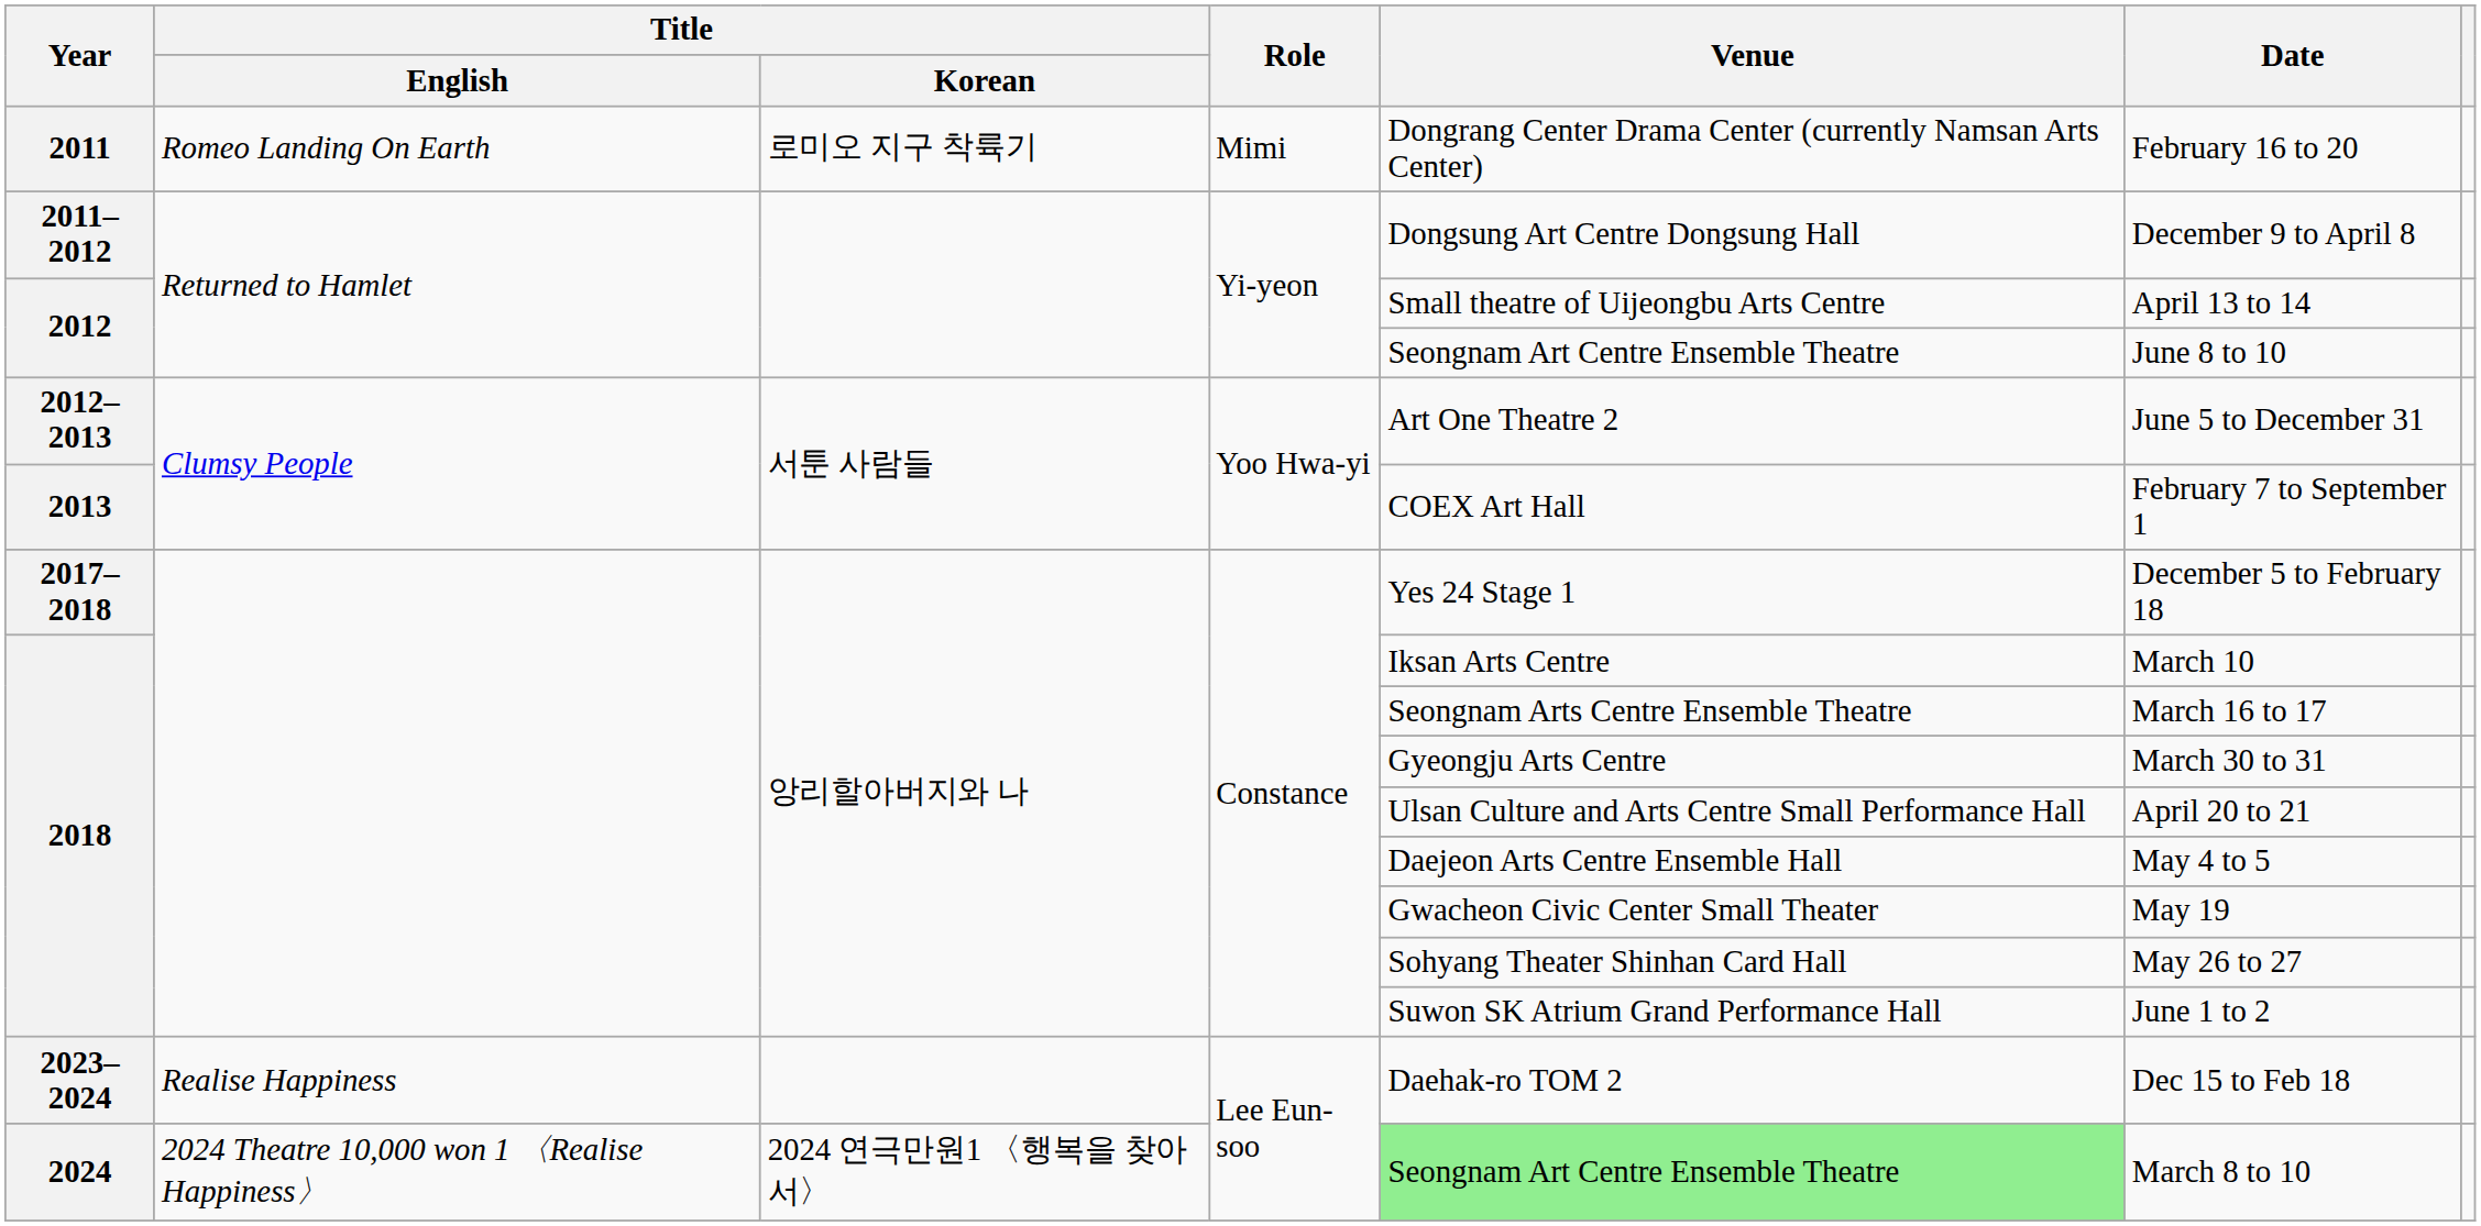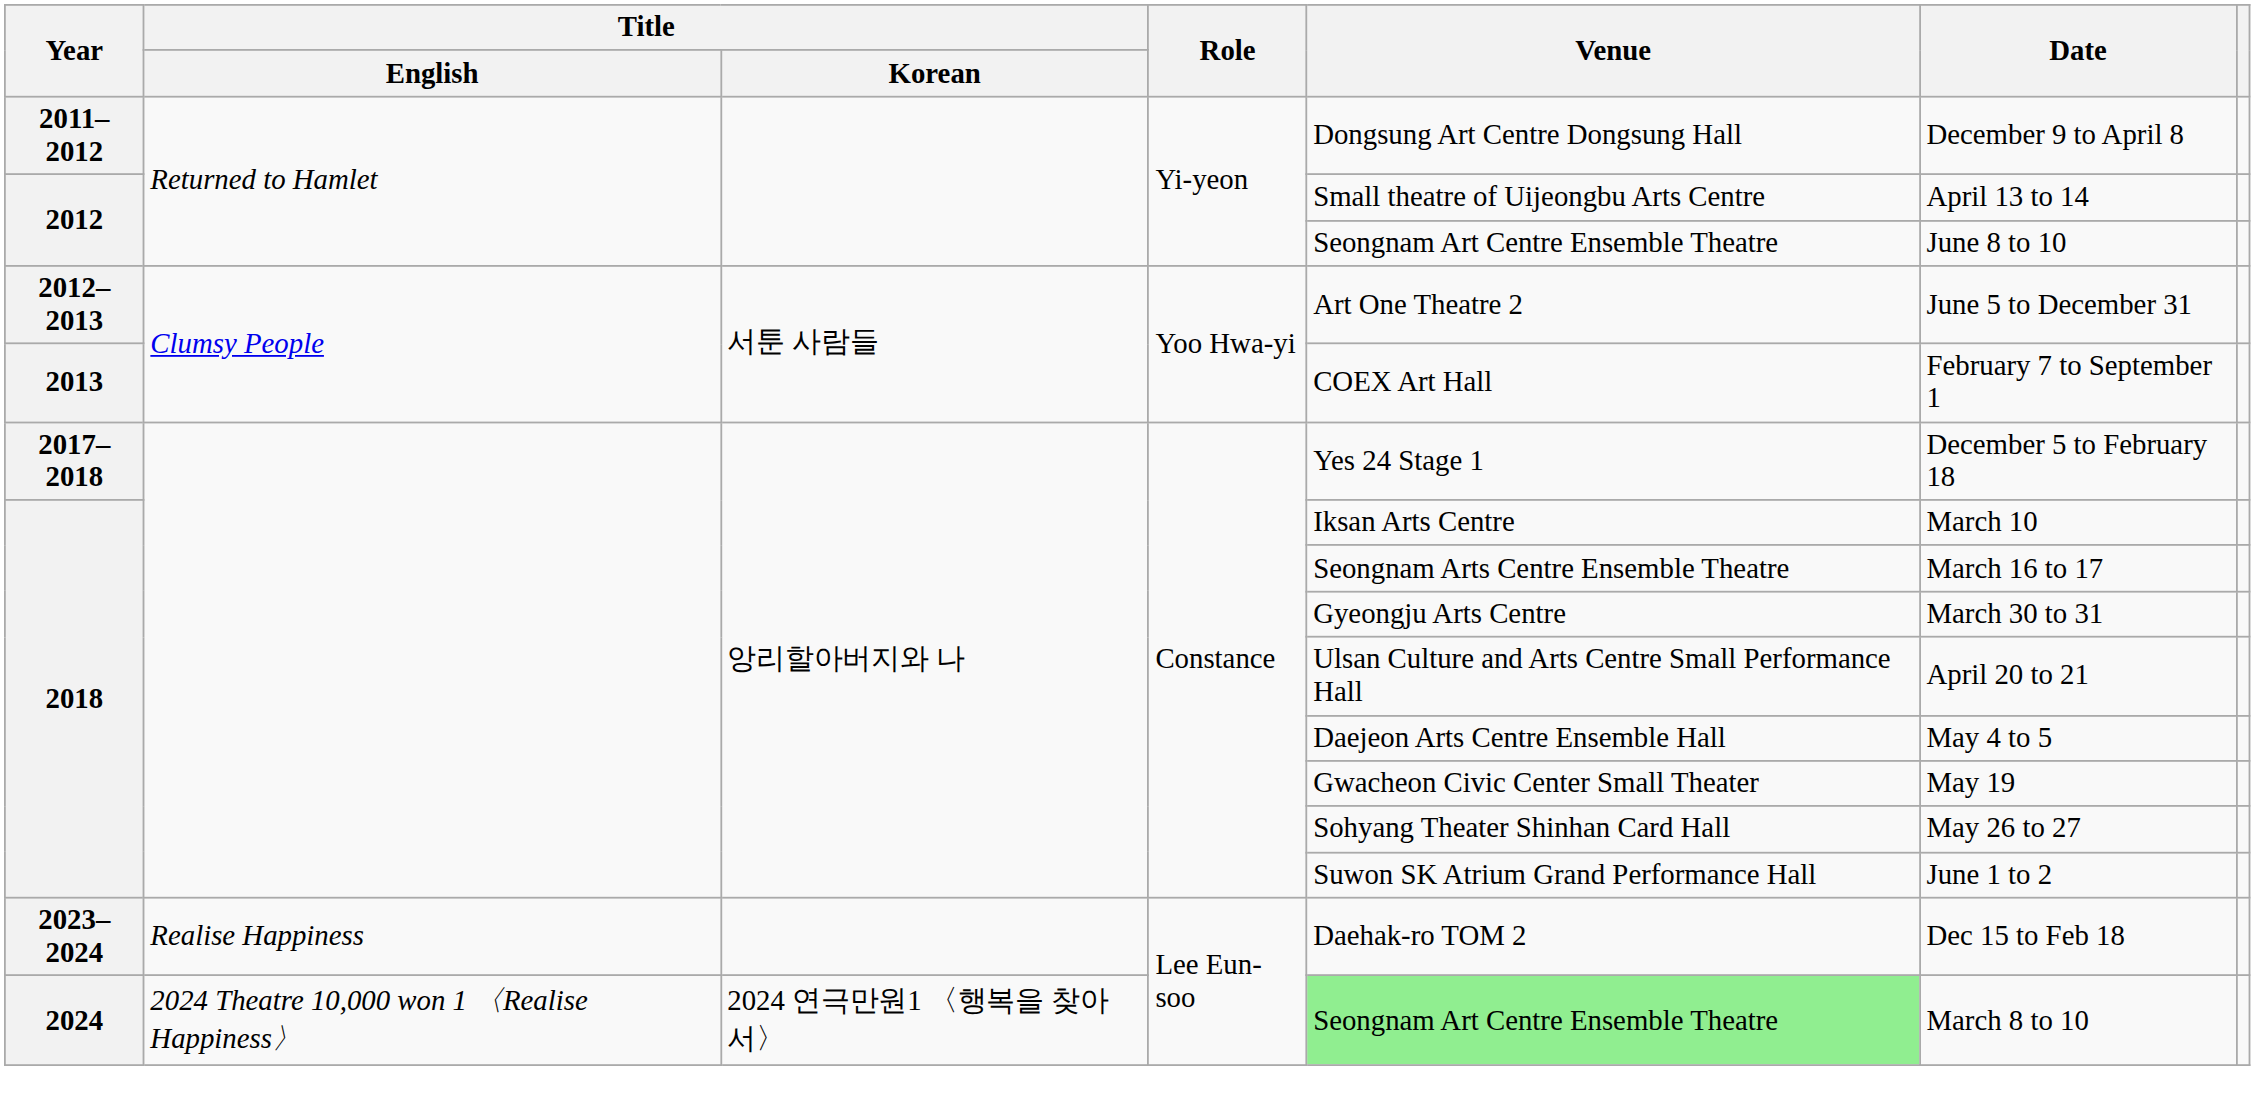 <table class="wikitable plainrowheaders sortable" style="text-align:left; font-size:100%">
 <tr>
 <th rowspan="2" scope="col">Year</th>
 <th colspan="2" scope="col">Title</th>
 <th rowspan="2" scope="col">Role</th>
 <th rowspan="2" scope="col" class="unsortable">Venue</th>
 <th rowspan="2" scope="col">Date</th>
 <th rowspan="2" scope="col" class="unsortable"></th>
 </tr>
 <tr>
 <th>English</th>
 <th>Korean</th>
-</tr>
-<tr>
-<th scope="row">2011</th>
-<td><em>Romeo Landing On Earth</em></td>
-<td>로미오 지구 착륙기</td>
-<td>Mimi</td>
-<td>Dongrang Center Drama Center (currently Namsan Arts Center)</td>
-<td>February 16 to 20</td>
-<td></td>
 </tr>
 <tr>
 <th scope="row">2011–2012</th>
 <td rowspan="3"><em>Returned to Hamlet</em></td>
 <td rowspan="3"></td>
 <td rowspan="3">Yi-yeon</td>
 <td>Dongsung Art Centre Dongsung Hall</td>
 <td>December 9 to April 8</td>
 <td style="text-align:center"></td>
 </tr>
 <tr>
 <th scope="row" rowspan="2">2012</th>
 <td>Small theatre of Uijeongbu Arts Centre</td>
 <td>April 13 to 14</td>
 <td style="text-align:center"></td>
 </tr>
 <tr>
 <td>Seongnam Art Centre Ensemble Theatre</td>
 <td>June 8 to 10</td>
 <td style="text-align:center"></td>
 </tr>
 <tr>
 <th scope="row">2012–2013</th>
 <td rowspan="2"><em><a href='#'>Clumsy People</a></em></td>
 <td rowspan="2">서툰 사람들</td>
 <td rowspan="2">Yoo Hwa-yi</td>
 <td>Art One Theatre 2</td>
 <td>June 5 to December 31</td>
 <td style="text-align:center"></td>
 </tr>
 <tr>
 <th scope="row">2013</th>
 <td>COEX Art Hall</td>
 <td>February 7 to September 1</td>
 <td></td>
 </tr>
 <tr>
 <th scope="row">2017–2018</th>
 <td rowspan="9"><em></em></td>
 <td rowspan="9">앙리할아버지와 나</td>
 <td rowspan="9">Constance</td>
 <td>Yes 24 Stage 1</td>
 <td>December 5 to February 18</td>
 <td style="text-align:center"></td>
 </tr>
 <tr>
 <th scope="row" rowspan="8">2018</th>
 <td>Iksan Arts Centre</td>
 <td>March 10</td>
 <td></td>
 </tr>
 <tr>
 <td>Seongnam Arts Centre Ensemble Theatre</td>
 <td>March 16 to 17</td>
 <td style="text-align:center"></td>
 </tr>
 <tr>
 <td>Gyeongju Arts Centre</td>
 <td>March 30 to 31</td>
 <td></td>
 </tr>
 <tr>
 <td>Ulsan Culture and Arts Centre Small Performance Hall</td>
 <td>April 20 to 21</td>
 <td style="text-align:center"></td>
 </tr>
 <tr>
 <td>Daejeon Arts Centre Ensemble Hall</td>
 <td>May 4 to 5</td>
 <td style="text-align:center"></td>
 </tr>
 <tr>
 <td>Gwacheon Civic Center Small Theater</td>
 <td>May 19</td>
 <td></td>
 </tr>
 <tr>
 <td>Sohyang Theater Shinhan Card Hall</td>
 <td>May 26 to 27</td>
 <td style="text-align:center"></td>
 </tr>
 <tr>
 <td>Suwon SK Atrium Grand Performance Hall</td>
 <td>June 1 to 2</td>
 <td style="text-align:center"></td>
 </tr>
 <tr>
 <th scope="row">2023–2024</th>
 <td><em>Realise Happiness</em></td>
 <td></td>
 <td rowspan="2">Lee Eun-soo</td>
 <td>Daehak-ro TOM 2</td>
 <td>Dec 15 to Feb 18</td>
 <td style="text-align:center"></td>
 </tr>
 <tr>
 <th scope="row">2024</th>
 <td><em>2024 Theatre 10,000 won 1 〈Realise Happiness〉</em></td>
 <td>2024 연극만원1 〈행복을 찾아서〉</td>
 <td style="background: lightgreen;">Seongnam Art Centre Ensemble Theatre</td>
 <td>March 8 to 10</td>
 <td></td>
 </tr>
 </table>
